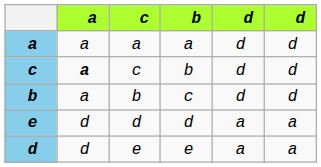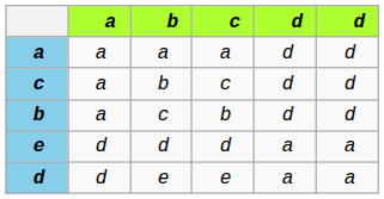 <table class="wikitable" border="1" width="20%" style="margin:1em auto;">
 <tr>
 <th>   </th>
 <th style="background:#ADFF2F">  <em>a</em></th>
+<th style="background:#ADFF2F">  <em>b</em></th>
 <th style="background:#ADFF2F">  <em>c</em></th>
-<th style="background:#ADFF2F">  <em>b</em></th>
 <th style="background:#ADFF2F">  <em>d</em></th>
 <th style="background:#ADFF2F">  <em>d</em></th>
 </tr>
 <tr>
 <td style="background:#87CEEB">  <strong> <em>a</em> </strong></td>
 <td>  <em>a</em></td>
 <td>  <em>a</em></td>
 <td>  <em>a</em></td>
 <td>  <em>d</em></td>
 <td>  <em>d</em></td>
 </tr>
 <tr>
 <td style="background:#87CEEB">  <strong> <em>c</em> </strong></td>
-<td><strong>  <em>a</em></strong></td>
+<td>  <em>a</em></td>
+<td>  <em>b</em></td>
 <td>  <em>c</em></td>
-<td>  <em>b</em></td>
 <td>  <em>d</em></td>
 <td>  <em>d</em></td>
 </tr>
 <tr>
 <td style="background:#87CEEB">  <strong> <em>b</em> </strong></td>
 <td>  <em>a</em></td>
+<td>  <em>c</em></td>
 <td>  <em>b</em></td>
-<td>  <em>c</em></td>
 <td>  <em>d</em></td>
 <td>  <em>d</em></td>
 </tr>
 <tr>
 <td style="background:#87CEEB">  <strong> <em>e</em> </strong></td>
 <td>  <em>d</em></td>
 <td>  <em>d</em></td>
 <td>  <em>d</em></td>
 <td>  <em>a</em></td>
 <td>  <em>a</em></td>
 </tr>
 <tr>
 <td style="background:#87CEEB">  <strong> <em>d</em> </strong></td>
 <td>  <em>d</em></td>
 <td>  <em>e</em></td>
 <td>  <em>e</em></td>
 <td>  <em>a</em></td>
 <td>  <em>a</em></td>
 </tr>
 </table>
